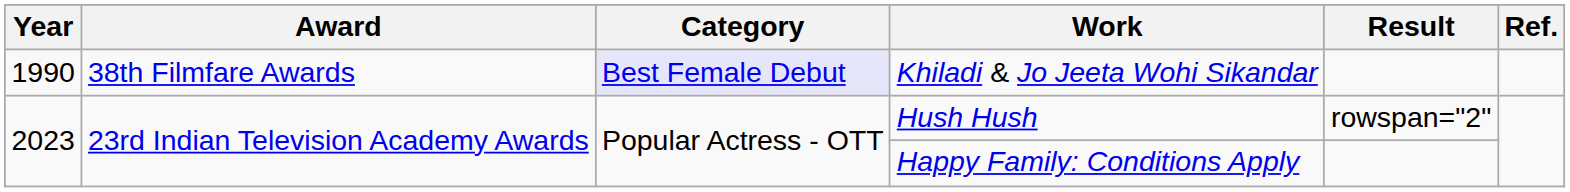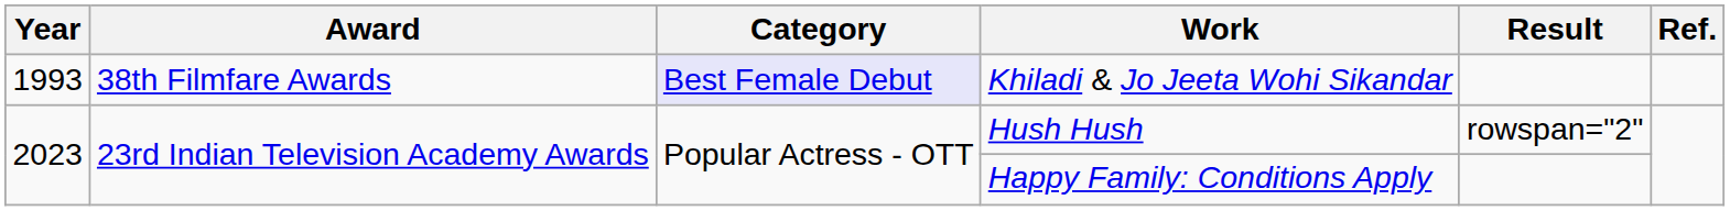 <table class="wikitable">
 <tr>
 <th>Year</th>
 <th>Award</th>
 <th>Category</th>
 <th>Work</th>
 <th>Result</th>
 <th>Ref.</th>
 </tr>
 <tr>
-<td>1990</td>
+<td>1993</td>
 <td><a href='#'>38th Filmfare Awards</a></td>
 <td style="background: lavender;"><a href='#'>Best Female Debut</a></td>
 <td><em><a href='#'>Khiladi</a></em> & <em><a href='#'>Jo Jeeta Wohi Sikandar</a></em></td>
 <td></td>
 <td></td>
 </tr>
 <tr>
 <td rowspan="2">2023</td>
 <td rowspan="2"><a href='#'>23rd Indian Television Academy Awards</a></td>
 <td rowspan="2">Popular Actress - OTT</td>
 <td><em><a href='#'>Hush Hush</a></em></td>
 <td>rowspan="2" </td>
 <td rowspan="2"></td>
 </tr>
 <tr>
 <td><em><a href='#'>Happy Family: Conditions Apply</a></em></td>
 </tr>
 </table>
